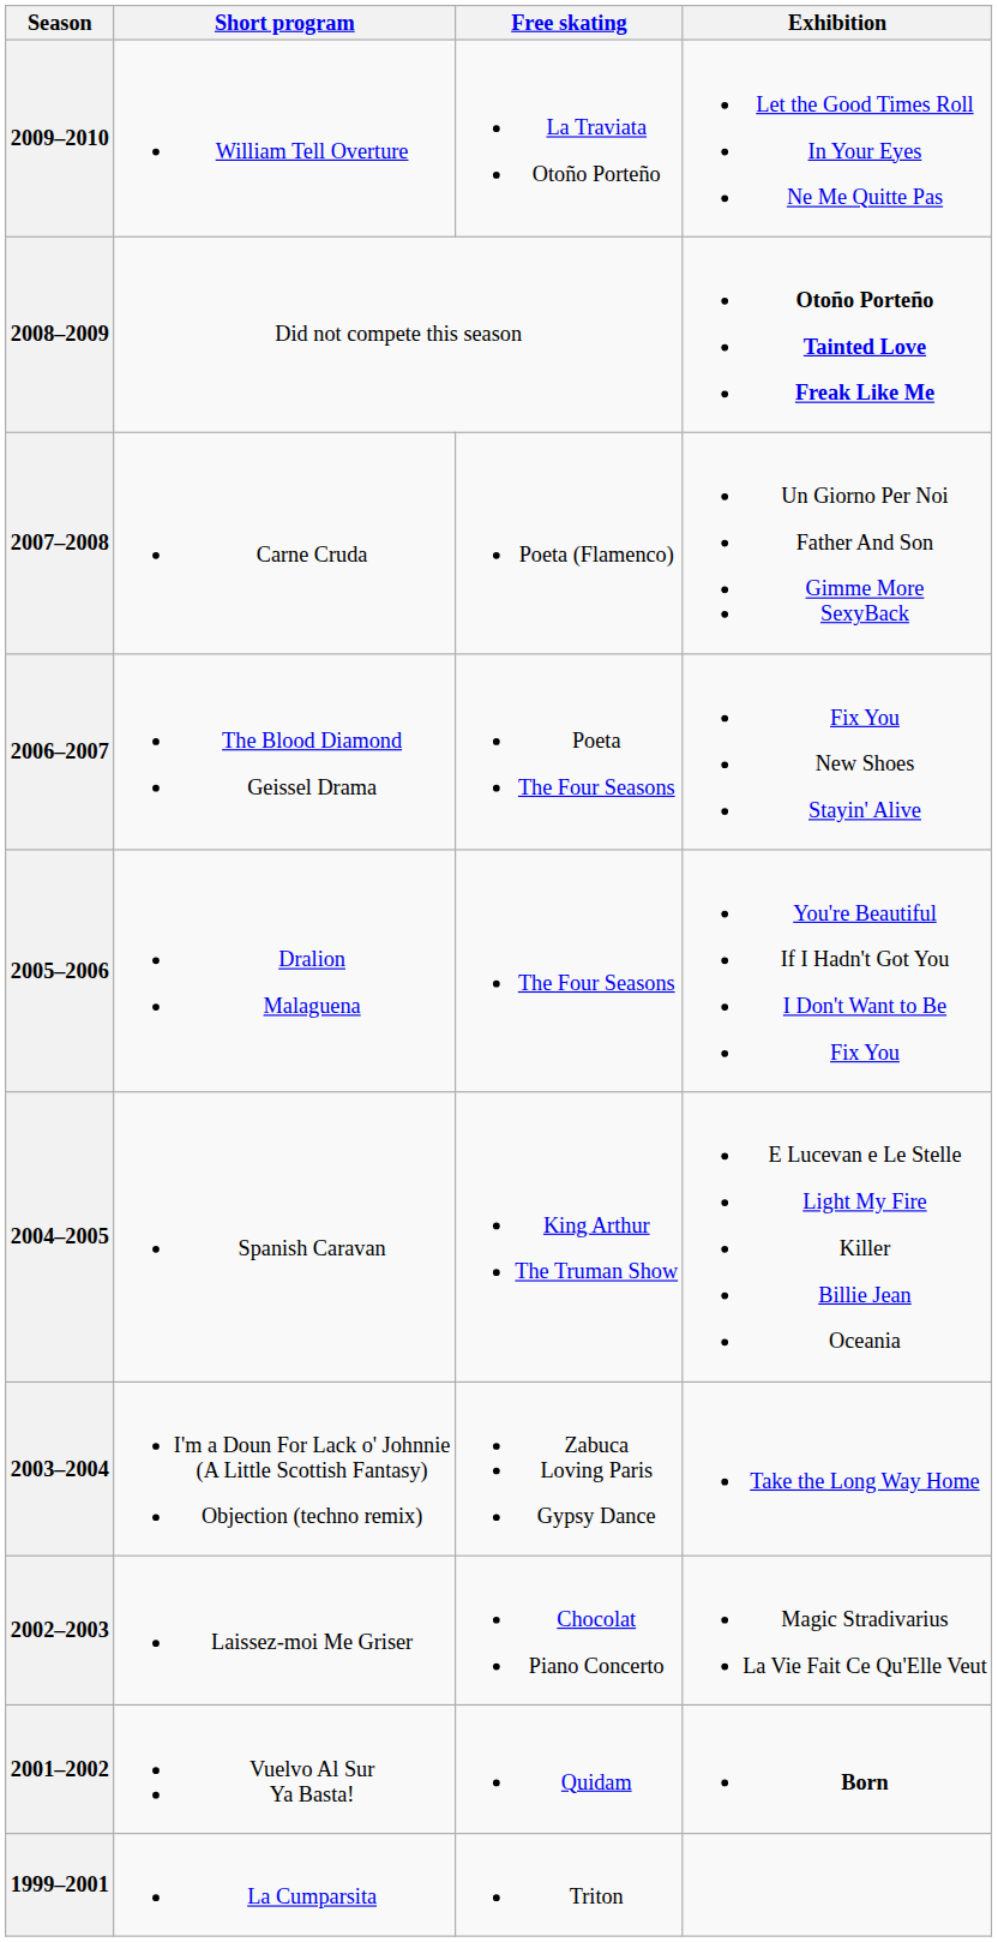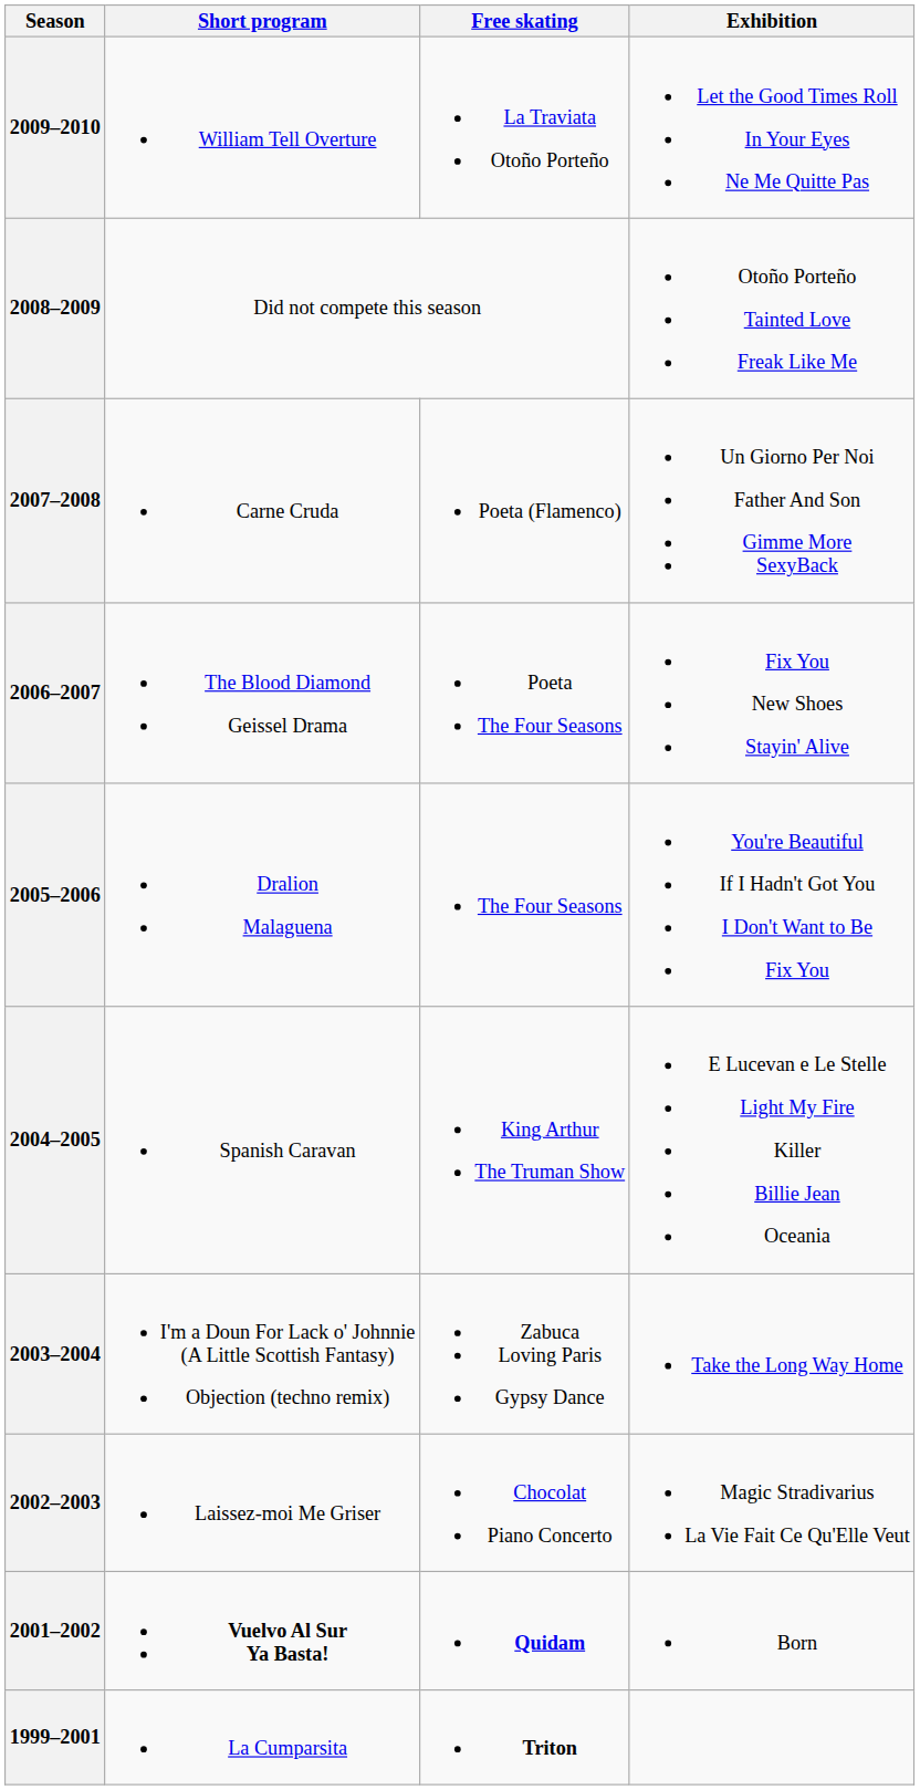 <table class="wikitable" style="text-align:center">
 <tr>
 <th>Season</th>
 <th><a href='#'>Short program</a></th>
 <th><a href='#'>Free skating</a></th>
 <th>Exhibition</th>
 </tr>
 <tr>
 <th>2009–2010 <br></th>
 <td><br><ul><li><a href='#'>William Tell Overture</a> <br></li></ul></td>
 <td><br><ul><li><a href='#'>La Traviata</a> <br></li></ul><ul><li>Otoño Porteño <br></li></ul></td>
 <td><br><ul><li><a href='#'>Let the Good Times Roll</a> <br></li></ul><ul><li><a href='#'>In Your Eyes</a> <br></li></ul><ul><li><a href='#'>Ne Me Quitte Pas</a> <br></li></ul></td>
 </tr>
 <tr>
 <th>2008–2009 <br></th>
 <td align=centre colspan=2>Did not compete this season</td>
-<td><strong><br><ul><li>Otoño Porteño <br></li></ul><ul><li><a href='#'>Tainted Love</a> <br></li></ul><ul><li><a href='#'>Freak Like Me</a> <br></li></ul></strong></td>
+<td><br><ul><li>Otoño Porteño <br></li></ul><ul><li><a href='#'>Tainted Love</a> <br></li></ul><ul><li><a href='#'>Freak Like Me</a> <br></li></ul></td>
 </tr>
 <tr>
 <th>2007–2008 <br></th>
 <td><br><ul><li>Carne Cruda <br></li></ul></td>
 <td><br><ul><li>Poeta (Flamenco) <br></li></ul></td>
 <td><br><ul><li>Un Giorno Per Noi <br></li></ul><ul><li>Father And Son <br></li></ul><ul><li><a href='#'>Gimme More</a></li><li><a href='#'>SexyBack</a> <br></li></ul></td>
 </tr>
 <tr>
 <th>2006–2007 <br></th>
 <td><br><ul><li><a href='#'>The Blood Diamond</a> <br></li></ul><ul><li>Geissel Drama <br></li></ul></td>
 <td><br><ul><li>Poeta <br></li></ul><ul><li><a href='#'>The Four Seasons</a> <br></li></ul></td>
 <td><br><ul><li><a href='#'>Fix You</a> <br></li></ul><ul><li>New Shoes <br></li></ul><ul><li><a href='#'>Stayin' Alive</a> <br></li></ul></td>
 </tr>
 <tr>
 <th>2005–2006 <br></th>
 <td><br><ul><li><a href='#'>Dralion</a> <br></li></ul><ul><li><a href='#'>Malaguena</a> <br></li></ul></td>
 <td><br><ul><li><a href='#'>The Four Seasons</a> <br></li></ul></td>
 <td><br><ul><li><a href='#'>You're Beautiful</a> <br></li></ul><ul><li>If I Hadn't Got You <br></li></ul><ul><li><a href='#'>I Don't Want to Be</a> <br></li></ul><ul><li><a href='#'>Fix You</a> <br></li></ul></td>
 </tr>
 <tr>
 <th>2004–2005 <br></th>
 <td><br><ul><li>Spanish Caravan <br></li></ul></td>
 <td><br><ul><li><a href='#'>King Arthur</a> <br></li></ul><ul><li><a href='#'>The Truman Show</a> <br></li></ul></td>
 <td><br><ul><li>E Lucevan e Le Stelle <br></li></ul><ul><li><a href='#'>Light My Fire</a> <br></li></ul><ul><li>Killer <br></li></ul><ul><li><a href='#'>Billie Jean</a> <br></li></ul><ul><li>Oceania <br></li></ul></td>
 </tr>
 <tr>
 <th>2003–2004 <br></th>
 <td><br><ul><li>I'm a Doun For Lack o' Johnnie <br> (A Little Scottish Fantasy) <br></li></ul><ul><li>Objection (techno remix) <br></li></ul></td>
 <td><br><ul><li>Zabuca <br></li><li>Loving Paris <br></li></ul><ul><li>Gypsy Dance <br></li></ul></td>
 <td><br><ul><li><a href='#'>Take the Long Way Home</a> <br></li></ul></td>
 </tr>
 <tr>
 <th>2002–2003 <br></th>
 <td><br><ul><li>Laissez-moi Me Griser <br></li></ul></td>
 <td><br><ul><li><a href='#'>Chocolat</a> <br></li></ul><ul><li>Piano Concerto <br></li></ul></td>
 <td><br><ul><li>Magic Stradivarius <br></li></ul><ul><li>La Vie Fait Ce Qu'Elle Veut <br></li></ul></td>
 </tr>
 <tr>
 <th>2001–2002 <br></th>
-<td><br><ul><li>Vuelvo Al Sur</li><li>Ya Basta! <br></li></ul></td>
-<td><br><ul><li><a href='#'>Quidam</a> <br></li></ul></td>
-<td><strong><br><ul><li>Born <br></li></ul></strong></td>
+<td><strong><br><ul><li>Vuelvo Al Sur</li><li>Ya Basta! <br></li></ul></strong></td>
+<td><strong><br><ul><li><a href='#'>Quidam</a> <br></li></ul></strong></td>
+<td><br><ul><li>Born <br></li></ul></td>
 </tr>
 <tr>
 <th>1999–2001 <br></th>
 <td><br><ul><li><a href='#'>La Cumparsita</a> <br></li></ul></td>
-<td><br><ul><li>Triton <br></li></ul></td>
+<td><strong><br><ul><li>Triton <br></li></ul></strong></td>
 <td></td>
 </tr>
 </table>
